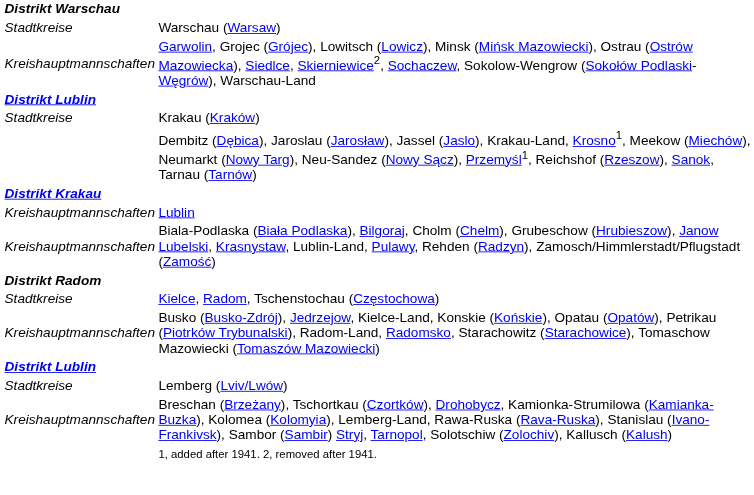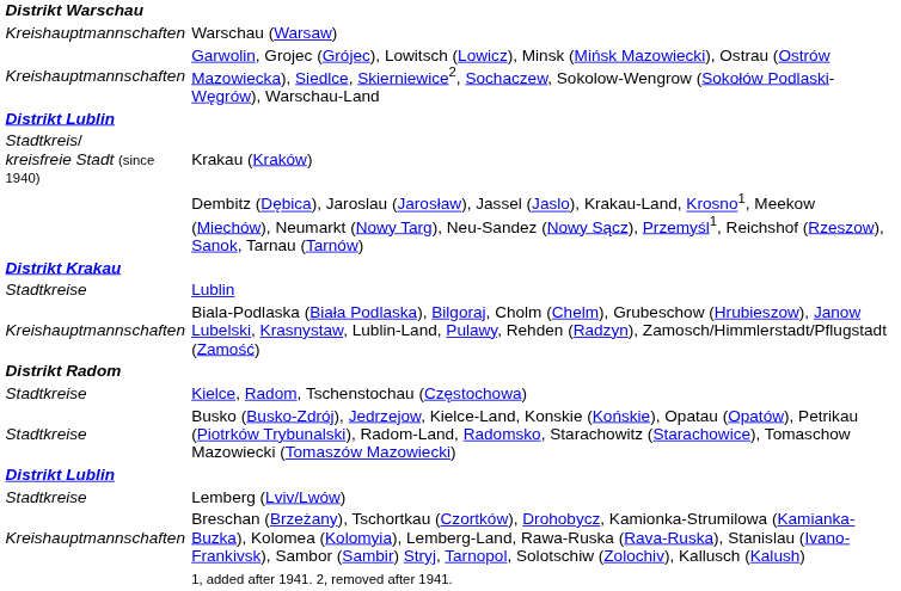 <table border=0>
 <tr>
 <td><strong><em>Distrikt Warschau</em></strong></td>
 </tr>
 <tr>
-<td><em>Stadtkreise</em></td>
+<td><em>Kreishauptmannschaften</em></td>
 <td>Warschau (<a href='#'>Warsaw</a>)</td>
 </tr>
 <tr>
 <td><em>Kreishauptmannschaften</em></td>
 <td><a href='#'>Garwolin</a>, Grojec (<a href='#'>Grójec</a>), Lowitsch (<a href='#'>Lowicz</a>), Minsk (<a href='#'>Mińsk Mazowiecki</a>), Ostrau (<a href='#'>Ostrów Mazowiecka</a>), <a href='#'>Siedlce</a>, <a href='#'>Skierniewice</a><sup>2</sup>, <a href='#'>Sochaczew</a>, Sokolow-Wengrow (<a href='#'>Sokołów Podlaski</a>-<a href='#'>Węgrów</a>), Warschau-Land</td>
 </tr>
 <tr>
 <td><strong><em><a href='#'>Distrikt Lublin</a></em></strong></td>
 </tr>
 <tr>
-<td><em>Stadtkreise</em></td>
+<td><em>Stadtkreis</em>/<br><em>kreisfreie Stadt</em> <small>(since 1940)</small></td>
 <td>Krakau (<a href='#'>Kraków</a>)</td>
 </tr>
 <tr>
 <td></td>
 <td>Dembitz (<a href='#'>Dębica</a>), Jaroslau (<a href='#'>Jarosław</a>), Jassel (<a href='#'>Jaslo</a>), Krakau-Land, <a href='#'>Krosno</a><sup>1</sup>, Meekow (<a href='#'>Miechów</a>), Neumarkt (<a href='#'>Nowy Targ</a>), Neu-Sandez (<a href='#'>Nowy Sącz</a>), <a href='#'>Przemyśl</a><sup>1</sup>, Reichshof (<a href='#'>Rzeszow</a>), <a href='#'>Sanok</a>, Tarnau (<a href='#'>Tarnów</a>)</td>
 </tr>
 <tr>
 <td><strong><em><a href='#'>Distrikt Krakau</a></em></strong></td>
 </tr>
 <tr>
-<td><em>Kreishauptmannschaften</em></td>
+<td><em>Stadtkreise</em></td>
 <td><a href='#'>Lublin</a></td>
 </tr>
 <tr>
 <td><em>Kreishauptmannschaften</em></td>
 <td>Biala-Podlaska (<a href='#'>Biała Podlaska</a>), <a href='#'>Bilgoraj</a>, Cholm (<a href='#'>Chelm</a>), Grubeschow (<a href='#'>Hrubieszow</a>), <a href='#'>Janow Lubelski</a>, <a href='#'>Krasnystaw</a>, Lublin-Land, <a href='#'>Pulawy</a>, Rehden (<a href='#'>Radzyn</a>), Zamosch/Himmlerstadt/Pflugstadt (<a href='#'>Zamość</a>)</td>
 </tr>
 <tr>
 <td><strong><em>Distrikt Radom</em></strong></td>
 </tr>
 <tr>
 <td><em>Stadtkreise</em></td>
 <td><a href='#'>Kielce</a>, <a href='#'>Radom</a>, Tschenstochau (<a href='#'>Częstochowa</a>)</td>
 </tr>
 <tr>
-<td><em>Kreishauptmannschaften</em></td>
+<td><em>Stadtkreise</em></td>
 <td>Busko (<a href='#'>Busko-Zdrój</a>), <a href='#'>Jedrzejow</a>, Kielce-Land, Konskie (<a href='#'>Końskie</a>), Opatau (<a href='#'>Opatów</a>), Petrikau (<a href='#'>Piotrków Trybunalski</a>), Radom-Land, <a href='#'>Radomsko</a>, Starachowitz (<a href='#'>Starachowice</a>), Tomaschow Mazowiecki (<a href='#'>Tomaszów Mazowiecki</a>)</td>
 </tr>
 <tr>
 <td><strong><em><a href='#'>Distrikt Lublin</a></em></strong></td>
 </tr>
 <tr>
 <td><em>Stadtkreise</em></td>
 <td>Lemberg (<a href='#'>Lviv/Lwów</a>)</td>
 </tr>
 <tr>
 <td><em>Kreishauptmannschaften</em></td>
 <td>Breschan (<a href='#'>Brzeżany</a>), Tschortkau (<a href='#'>Czortków</a>), <a href='#'>Drohobycz</a>, Kamionka-Strumilowa (<a href='#'>Kamianka-Buzka</a>), Kolomea (<a href='#'>Kolomyia</a>), Lemberg-Land, Rawa-Ruska (<a href='#'>Rava-Ruska</a>), Stanislau (<a href='#'>Ivano-Frankivsk</a>), Sambor (<a href='#'>Sambir</a>) <a href='#'>Stryj</a>, <a href='#'>Tarnopol</a>, Solotschiw (<a href='#'>Zolochiv</a>), Kallusch (<a href='#'>Kalush</a>)</td>
 </tr>
 <tr>
 <td></td>
 <td><small>1, added after 1941. 2, removed after 1941.</small></td>
 </tr>
 </table>
